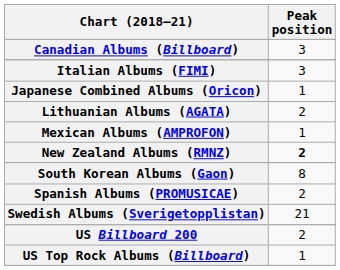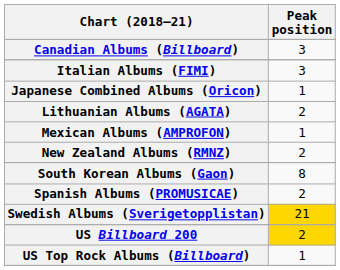 <table class="wikitable sortable plainrowheaders" style="text-align:center">
 <tr>
 <th scope="col">Chart (2018–21)</th>
 <th scope="col">Peak<br> position</th>
 </tr>
 <tr>
 </tr>
 <tr>
 </tr>
 <tr>
 </tr>
 <tr>
 </tr>
 <tr>
 <th scope="row"><a href='#'>Canadian Albums</a> (<em><a href='#'>Billboard</a></em>)</th>
 <td>3</td>
 </tr>
 <tr>
 </tr>
 <tr>
 </tr>
 <tr>
 </tr>
 <tr>
 </tr>
 <tr>
 </tr>
 <tr>
 </tr>
 <tr>
 </tr>
 <tr>
 </tr>
 <tr>
 </tr>
 <tr>
 <th scope="row">Italian Albums (<a href='#'>FIMI</a>)</th>
 <td>3</td>
 </tr>
 <tr>
 <th scope="row">Japanese Combined Albums (<a href='#'>Oricon</a>)</th>
 <td>1</td>
 </tr>
 <tr>
 <th scope="row">Lithuanian Albums (<a href='#'>AGATA</a>)</th>
 <td>2</td>
 </tr>
 <tr>
 <th scope="row">Mexican Albums (<a href='#'>AMPROFON</a>)</th>
 <td>1</td>
 </tr>
 <tr>
 <th scope="row">New Zealand Albums (<a href='#'>RMNZ</a>)</th>
-<td><strong>2</strong></td>
+<td>2</td>
 </tr>
 <tr>
 </tr>
 <tr>
 </tr>
 <tr>
 </tr>
 <tr>
 </tr>
 <tr>
 <th scope="row">South Korean Albums (<a href='#'>Gaon</a>)</th>
 <td>8</td>
 </tr>
 <tr>
 <th scope="row">Spanish Albums (<a href='#'>PROMUSICAE</a>)</th>
 <td>2</td>
 </tr>
 <tr>
 <th scope="row">Swedish Albums (<a href='#'>Sverigetopplistan</a>)</th>
-<td>21</td>
+<td style="background: gold;">21</td>
 </tr>
 <tr>
 </tr>
 <tr>
 </tr>
 <tr>
 <th scope="row">US <a href='#'><em>Billboard</em> 200</a></th>
-<td>2</td>
+<td style="background: gold;">2</td>
 </tr>
 <tr>
 <th scope="row">US Top Rock Albums (<em><a href='#'>Billboard</a></em>)</th>
 <td>1</td>
 </tr>
 <tr>
 </tr>
 </table>
